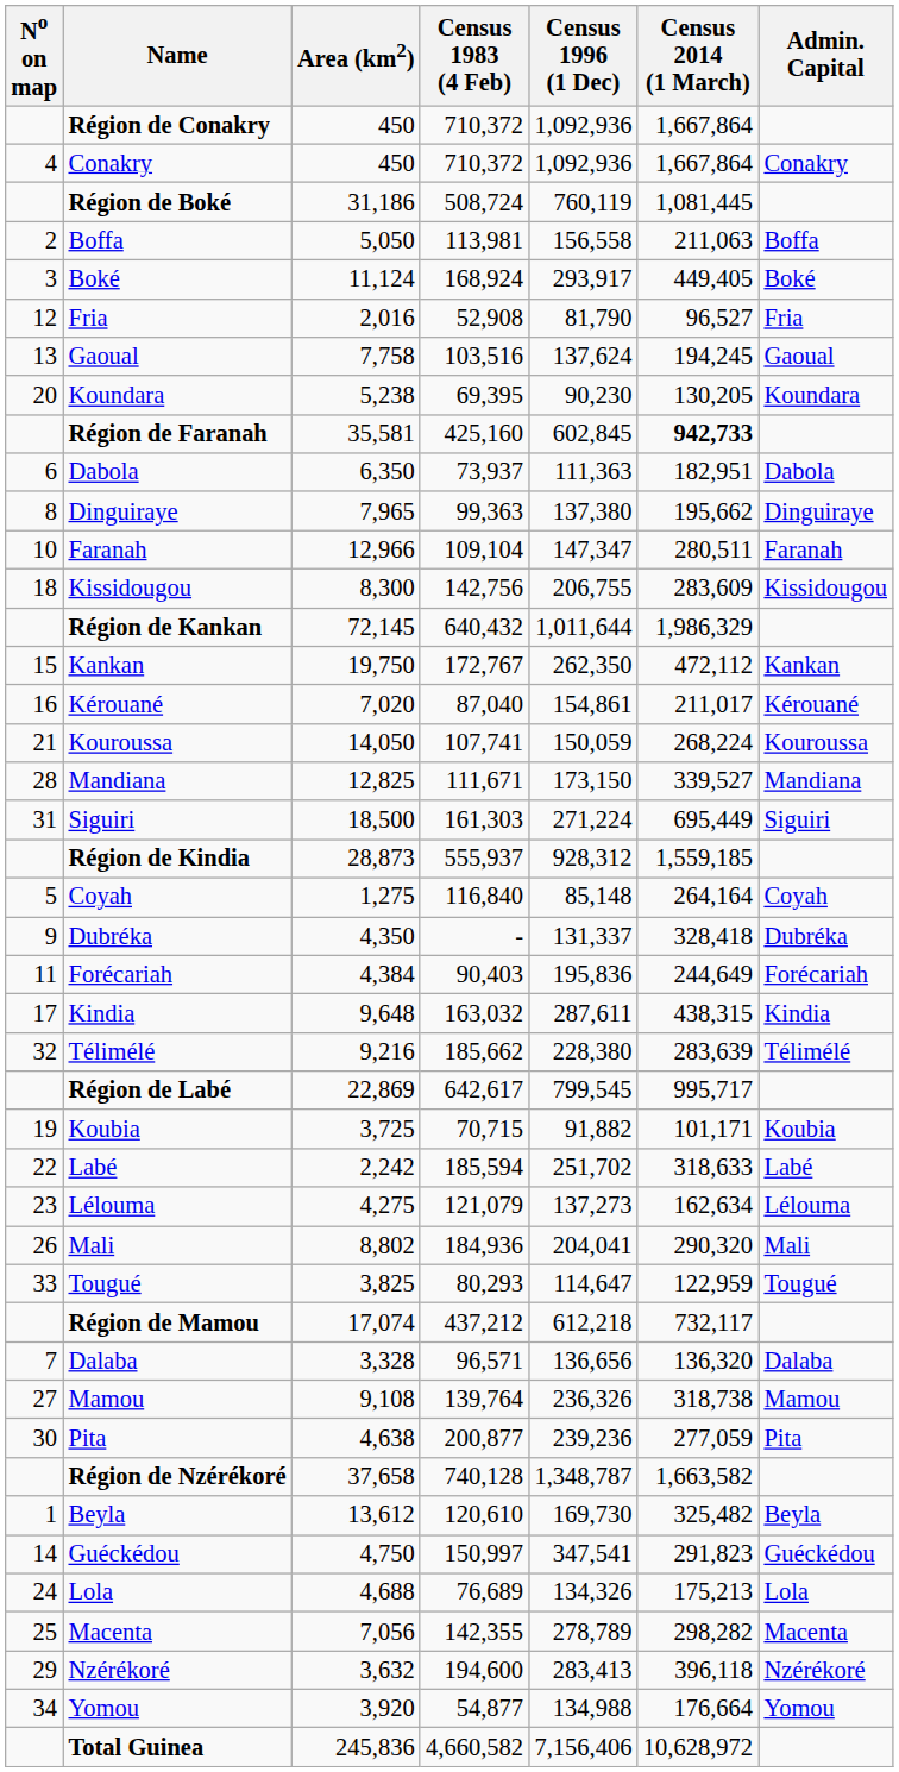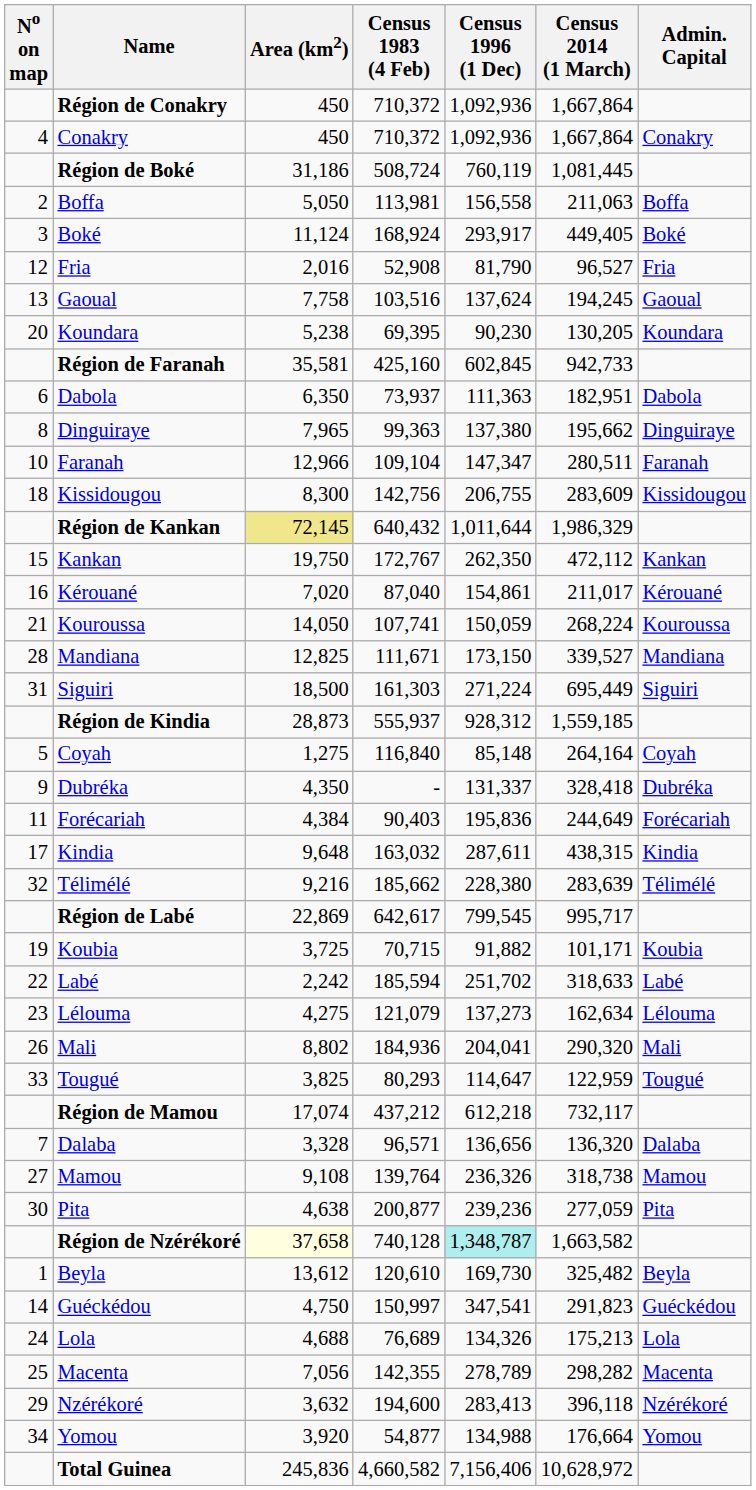 <table class="sortable wikitable">
 <tr>
 <th>N<sup>o</sup><br>on <br>map</th>
 <th>Name</th>
 <th>Area (km<sup>2</sup>)</th>
 <th>Census <br>1983<br>(4 Feb)</th>
 <th>Census <br>1996<br>(1 Dec)</th>
 <th>Census <br>2014<br>(1 March)</th>
 <th>Admin. <br> Capital</th>
 </tr>
 <tr>
 <td></td>
 <td><strong>Région de Conakry</strong></td>
 <td align="right">450</td>
 <td align="right">710,372</td>
 <td align="right">1,092,936</td>
 <td align="right">1,667,864</td>
 <td></td>
 </tr>
 <tr>
 <td align="right">4</td>
 <td><a href='#'>Conakry</a></td>
 <td align="right">450</td>
 <td align="right">710,372</td>
 <td align="right">1,092,936</td>
 <td align="right">1,667,864</td>
 <td><a href='#'>Conakry</a></td>
 </tr>
 <tr>
 <td></td>
 <td><strong>Région de Boké</strong></td>
 <td align="right">31,186</td>
 <td align="right">508,724</td>
 <td align="right">760,119</td>
 <td align="right">1,081,445</td>
 <td></td>
 </tr>
 <tr>
 <td align="right">2</td>
 <td><a href='#'>Boffa</a></td>
 <td align="right">5,050</td>
 <td align="right">113,981</td>
 <td align="right">156,558</td>
 <td align="right">211,063</td>
 <td><a href='#'>Boffa</a></td>
 </tr>
 <tr>
 <td align="right">3</td>
 <td><a href='#'>Boké</a></td>
 <td align="right">11,124</td>
 <td align="right">168,924</td>
 <td align="right">293,917</td>
 <td align="right">449,405</td>
 <td><a href='#'>Boké</a></td>
 </tr>
 <tr>
 <td align="right">12</td>
 <td><a href='#'>Fria</a></td>
 <td align="right">2,016</td>
 <td align="right">52,908</td>
 <td align="right">81,790</td>
 <td align="right">96,527</td>
 <td><a href='#'>Fria</a></td>
 </tr>
 <tr>
 <td align="right">13</td>
 <td><a href='#'>Gaoual</a></td>
 <td align="right">7,758</td>
 <td align="right">103,516</td>
 <td align="right">137,624</td>
 <td align="right">194,245</td>
 <td><a href='#'>Gaoual</a></td>
 </tr>
 <tr>
 <td align="right">20</td>
 <td><a href='#'>Koundara</a></td>
 <td align="right">5,238</td>
 <td align="right">69,395</td>
 <td align="right">90,230</td>
 <td align="right">130,205</td>
 <td><a href='#'>Koundara</a></td>
 </tr>
 <tr>
 <td></td>
 <td><strong>Région de Faranah</strong></td>
 <td align="right">35,581</td>
 <td align="right">425,160</td>
 <td align="right">602,845</td>
-<td align="right"><strong>942,733</strong></td>
+<td align="right">942,733</td>
 <td></td>
 </tr>
 <tr>
 <td align="right">6</td>
 <td><a href='#'>Dabola</a></td>
 <td align="right">6,350</td>
 <td align="right">73,937</td>
 <td align="right">111,363</td>
 <td align="right">182,951</td>
 <td><a href='#'>Dabola</a></td>
 </tr>
 <tr>
 <td align="right">8</td>
 <td><a href='#'>Dinguiraye</a></td>
 <td align="right">7,965</td>
 <td align="right">99,363</td>
 <td align="right">137,380</td>
 <td align="right">195,662</td>
 <td><a href='#'>Dinguiraye</a></td>
 </tr>
 <tr>
 <td align="right">10</td>
 <td><a href='#'>Faranah</a></td>
 <td align="right">12,966</td>
 <td align="right">109,104</td>
 <td align="right">147,347</td>
 <td align="right">280,511</td>
 <td><a href='#'>Faranah</a></td>
 </tr>
 <tr>
 <td align="right">18</td>
 <td><a href='#'>Kissidougou</a></td>
 <td align="right">8,300</td>
 <td align="right">142,756</td>
 <td align="right">206,755</td>
 <td align="right">283,609</td>
 <td><a href='#'>Kissidougou</a></td>
 </tr>
 <tr>
 <td></td>
 <td><strong>Région de Kankan</strong></td>
-<td align="right">72,145</td>
+<td align="right" style="background: khaki;">72,145</td>
 <td align="right">640,432</td>
 <td align="right">1,011,644</td>
 <td align="right">1,986,329</td>
 <td></td>
 </tr>
 <tr>
 <td align="right">15</td>
 <td><a href='#'>Kankan</a></td>
 <td align="right">19,750</td>
 <td align="right">172,767</td>
 <td align="right">262,350</td>
 <td align="right">472,112</td>
 <td><a href='#'>Kankan</a></td>
 </tr>
 <tr>
 <td align="right">16</td>
 <td><a href='#'>Kérouané</a></td>
 <td align="right">7,020</td>
 <td align="right">87,040</td>
 <td align="right">154,861</td>
 <td align="right">211,017</td>
 <td><a href='#'>Kérouané</a></td>
 </tr>
 <tr>
 <td align="right">21</td>
 <td><a href='#'>Kouroussa</a></td>
 <td align="right">14,050</td>
 <td align="right">107,741</td>
 <td align="right">150,059</td>
 <td align="right">268,224</td>
 <td><a href='#'>Kouroussa</a></td>
 </tr>
 <tr>
 <td align="right">28</td>
 <td><a href='#'>Mandiana</a></td>
 <td align="right">12,825</td>
 <td align="right">111,671</td>
 <td align="right">173,150</td>
 <td align="right">339,527</td>
 <td><a href='#'>Mandiana</a></td>
 </tr>
 <tr>
 <td align="right">31</td>
 <td><a href='#'>Siguiri</a></td>
 <td align="right">18,500</td>
 <td align="right">161,303</td>
 <td align="right">271,224</td>
 <td align="right">695,449</td>
 <td><a href='#'>Siguiri</a></td>
 </tr>
 <tr>
 <td></td>
 <td><strong>Région de Kindia</strong></td>
 <td align="right">28,873</td>
 <td align="right">555,937</td>
 <td align="right">928,312</td>
 <td align="right">1,559,185</td>
 <td></td>
 </tr>
 <tr>
 <td align="right">5</td>
 <td><a href='#'>Coyah</a></td>
 <td align="right">1,275</td>
 <td align="right">116,840</td>
 <td align="right">85,148</td>
 <td align="right">264,164</td>
 <td><a href='#'>Coyah</a></td>
 </tr>
 <tr>
 <td align="right">9</td>
 <td><a href='#'>Dubréka</a></td>
 <td align="right">4,350</td>
 <td align="right">-</td>
 <td align="right">131,337</td>
 <td align="right">328,418</td>
 <td><a href='#'>Dubréka</a></td>
 </tr>
 <tr>
 <td align="right">11</td>
 <td><a href='#'>Forécariah</a></td>
 <td align="right">4,384</td>
 <td align="right">90,403</td>
 <td align="right">195,836</td>
 <td align="right">244,649</td>
 <td><a href='#'>Forécariah</a></td>
 </tr>
 <tr>
 <td align="right">17</td>
 <td><a href='#'>Kindia</a></td>
 <td align="right">9,648</td>
 <td align="right">163,032</td>
 <td align="right">287,611</td>
 <td align="right">438,315</td>
 <td><a href='#'>Kindia</a></td>
 </tr>
 <tr>
 <td align="right">32</td>
 <td><a href='#'>Télimélé</a></td>
 <td align="right">9,216</td>
 <td align="right">185,662</td>
 <td align="right">228,380</td>
 <td align="right">283,639</td>
 <td><a href='#'>Télimélé</a></td>
 </tr>
 <tr>
 <td></td>
 <td><strong>Région de Labé</strong></td>
 <td align="right">22,869</td>
 <td align="right">642,617</td>
 <td align="right">799,545</td>
 <td align="right">995,717</td>
 <td></td>
 </tr>
 <tr>
 <td align="right">19</td>
 <td><a href='#'>Koubia</a></td>
 <td align="right">3,725</td>
 <td align="right">70,715</td>
 <td align="right">91,882</td>
 <td align="right">101,171</td>
 <td><a href='#'>Koubia</a></td>
 </tr>
 <tr>
 <td align="right">22</td>
 <td><a href='#'>Labé</a></td>
 <td align="right">2,242</td>
 <td align="right">185,594</td>
 <td align="right">251,702</td>
 <td align="right">318,633</td>
 <td><a href='#'>Labé</a></td>
 </tr>
 <tr>
 <td align="right">23</td>
 <td><a href='#'>Lélouma</a></td>
 <td align="right">4,275</td>
 <td align="right">121,079</td>
 <td align="right">137,273</td>
 <td align="right">162,634</td>
 <td><a href='#'>Lélouma</a></td>
 </tr>
 <tr>
 <td align="right">26</td>
 <td><a href='#'>Mali</a></td>
 <td align="right">8,802</td>
 <td align="right">184,936</td>
 <td align="right">204,041</td>
 <td align="right">290,320</td>
 <td><a href='#'>Mali</a></td>
 </tr>
 <tr>
 <td align="right">33</td>
 <td><a href='#'>Tougué</a></td>
 <td align="right">3,825</td>
 <td align="right">80,293</td>
 <td align="right">114,647</td>
 <td align="right">122,959</td>
 <td><a href='#'>Tougué</a></td>
 </tr>
 <tr>
 <td></td>
 <td><strong>Région de Mamou</strong></td>
 <td align="right">17,074</td>
 <td align="right">437,212</td>
 <td align="right">612,218</td>
 <td align="right">732,117</td>
 <td></td>
 </tr>
 <tr>
 <td align="right">7</td>
 <td><a href='#'>Dalaba</a></td>
 <td align="right">3,328</td>
 <td align="right">96,571</td>
 <td align="right">136,656</td>
 <td align="right">136,320</td>
 <td><a href='#'>Dalaba</a></td>
 </tr>
 <tr>
 <td align="right">27</td>
 <td><a href='#'>Mamou</a></td>
 <td align="right">9,108</td>
 <td align="right">139,764</td>
 <td align="right">236,326</td>
 <td align="right">318,738</td>
 <td><a href='#'>Mamou</a></td>
 </tr>
 <tr>
 <td align="right">30</td>
 <td><a href='#'>Pita</a></td>
 <td align="right">4,638</td>
 <td align="right">200,877</td>
 <td align="right">239,236</td>
 <td align="right">277,059</td>
 <td><a href='#'>Pita</a></td>
 </tr>
 <tr>
 <td></td>
 <td><strong>Région de Nzérékoré</strong></td>
-<td align="right">37,658</td>
+<td align="right" style="background: lightyellow;">37,658</td>
 <td align="right">740,128</td>
-<td align="right">1,348,787</td>
+<td align="right" style="background: paleturquoise;">1,348,787</td>
 <td align="right">1,663,582</td>
 <td></td>
 </tr>
 <tr>
 <td align="right">1</td>
 <td><a href='#'>Beyla</a></td>
 <td align="right">13,612</td>
 <td align="right">120,610</td>
 <td align="right">169,730</td>
 <td align="right">325,482</td>
 <td><a href='#'>Beyla</a></td>
 </tr>
 <tr>
 <td align="right">14</td>
 <td><a href='#'>Guéckédou</a></td>
 <td align="right">4,750</td>
 <td align="right">150,997</td>
 <td align="right">347,541</td>
 <td align="right">291,823</td>
 <td><a href='#'>Guéckédou</a></td>
 </tr>
 <tr>
 <td align="right">24</td>
 <td><a href='#'>Lola</a></td>
 <td align="right">4,688</td>
 <td align="right">76,689</td>
 <td align="right">134,326</td>
 <td align="right">175,213</td>
 <td><a href='#'>Lola</a></td>
 </tr>
 <tr>
 <td align="right">25</td>
 <td><a href='#'>Macenta</a></td>
 <td align="right">7,056</td>
 <td align="right">142,355</td>
 <td align="right">278,789</td>
 <td align="right">298,282</td>
 <td><a href='#'>Macenta</a></td>
 </tr>
 <tr>
 <td align="right">29</td>
 <td><a href='#'>Nzérékoré</a></td>
 <td align="right">3,632</td>
 <td align="right">194,600</td>
 <td align="right">283,413</td>
 <td align="right">396,118</td>
 <td><a href='#'>Nzérékoré</a></td>
 </tr>
 <tr>
 <td align="right">34</td>
 <td><a href='#'>Yomou</a></td>
 <td align="right">3,920</td>
 <td align="right">54,877</td>
 <td align="right">134,988</td>
 <td align="right">176,664</td>
 <td><a href='#'>Yomou</a></td>
 </tr>
 <tr>
 <td></td>
 <td><strong>Total Guinea</strong></td>
 <td align="right">245,836</td>
 <td align="right">4,660,582</td>
 <td align="right">7,156,406</td>
 <td align="right">10,628,972</td>
 <td></td>
 </tr>
 </table>
